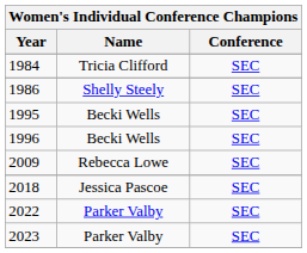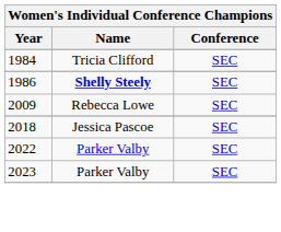 <table class="wikitable">
 <tr>
 <th colspan="3">Women's Individual Conference Champions</th>
 </tr>
 <tr>
 <th scope="col">Year</th>
 <th scope="col">Name</th>
 <th scope="col">Conference</th>
 </tr>
 <tr>
 </tr>
 <tr>
 <td>1984</td>
 <td style="text-align: center;">Tricia Clifford</td>
 <td style="text-align: center;"><a href='#'>SEC</a></td>
 </tr>
 <tr>
 </tr>
 <tr>
 <td>1986</td>
-<td style="text-align: center;"><a href='#'>Shelly Steely</a></td>
-<td style="text-align: center;"><a href='#'>SEC</a></td>
-</tr>
-<tr>
-<td>1995</td>
-<td style="text-align: center;">Becki Wells</td>
-<td style="text-align: center;"><a href='#'>SEC</a></td>
-</tr>
-<tr>
-<td>1996</td>
-<td style="text-align: center;">Becki Wells</td>
+<td style="text-align: center;"><strong><a href='#'>Shelly Steely</a></strong></td>
 <td style="text-align: center;"><a href='#'>SEC</a></td>
 </tr>
 <tr>
 <td>2009</td>
 <td style="text-align: center;">Rebecca Lowe</td>
 <td style="text-align: center;"><a href='#'>SEC</a></td>
 </tr>
 <tr>
 </tr>
 <tr>
 <td>2018</td>
 <td style="text-align: center;">Jessica Pascoe</td>
 <td style="text-align: center;"><a href='#'>SEC</a></td>
 </tr>
 <tr>
 <td>2022</td>
 <td style="text-align: center;"><a href='#'>Parker Valby</a></td>
 <td style="text-align: center;"><a href='#'>SEC</a></td>
 </tr>
 <tr>
 <td>2023</td>
 <td style="text-align: center;">Parker Valby</td>
 <td style="text-align: center;"><a href='#'>SEC</a></td>
 </tr>
 <tr>
 </tr>
 </table>
